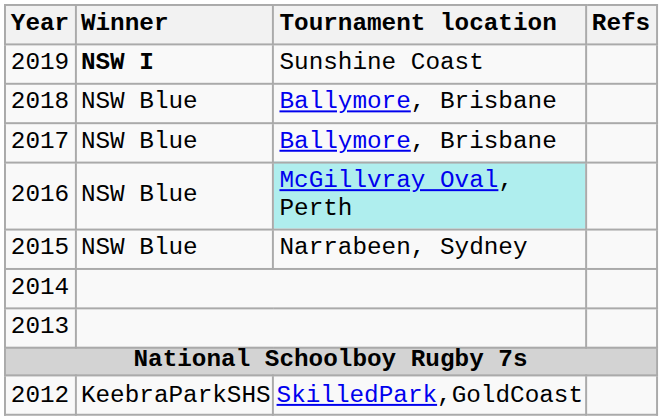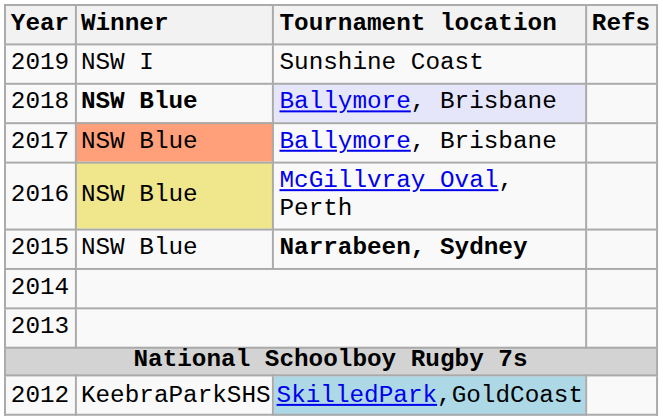 <table class="wikitable" style="text-align: left;font-size:95%;">
 <tr>
 <th>Year</th>
 <th style="width:8.3rm; text-align:left;">Winner</th>
 <th style="width:10.5em; text-align:left;">Tournament location</th>
 <th>Refs </th>
 </tr>
 <tr>
 <td>2019</td>
-<td><strong>NSW I</strong></td>
+<td>NSW I</td>
 <td>Sunshine Coast</td>
 <td></td>
 </tr>
 <tr>
 <td>2018</td>
-<td>NSW Blue</td>
-<td><a href='#'>Ballymore</a>, Brisbane</td>
+<td><strong>NSW Blue</strong></td>
+<td style="background: lavender;"><a href='#'>Ballymore</a>, Brisbane</td>
 <td></td>
 </tr>
 <tr>
 <td>2017</td>
-<td>NSW Blue</td>
+<td style="background: lightsalmon;">NSW Blue</td>
 <td><a href='#'>Ballymore</a>, Brisbane</td>
 <td></td>
 </tr>
 <tr>
 <td>2016</td>
-<td>NSW Blue</td>
-<td style="background: paleturquoise;"><a href='#'>McGillvray Oval</a>, Perth</td>
+<td style="background: khaki;">NSW Blue</td>
+<td><a href='#'>McGillvray Oval</a>, Perth</td>
 <td></td>
 </tr>
 <tr>
 <td>2015</td>
 <td>NSW Blue</td>
-<td>Narrabeen, Sydney</td>
+<td><strong>Narrabeen, Sydney</strong></td>
 <td></td>
 </tr>
 <tr>
 <td>2014</td>
 <td colspan=2 align=center></td>
 <td></td>
 </tr>
 <tr>
 <td>2013</td>
 <td colspan=2 align=center></td>
 <td></td>
 </tr>
 <tr bgcolor=lightgrey>
 <td colspan="100%" align=center style="line-height:9px;"><span><strong>National Schoolboy Rugby 7s</strong></span></td>
 </tr>
 <tr>
 <td>2012</td>
 <td style="padding-right:1px;">KeebraParkSHS</td>
-<td style="padding:1px;"><a href='#'>SkilledPark</a>,GoldCoast</td>
+<td style="background: lightblue; padding:1px;"><a href='#'>SkilledPark</a>,GoldCoast</td>
 <td><br></td>
 </tr>
 </table>
